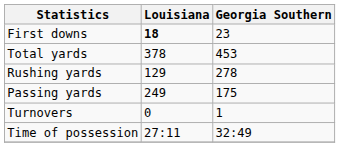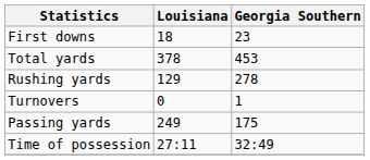 <table class="wikitable">
 <tr>
 <th>Statistics</th>
 <th>Louisiana</th>
 <th>Georgia Southern</th>
 </tr>
 <tr>
 <td>First downs</td>
-<td><strong>18</strong></td>
+<td>18</td>
 <td>23</td>
 </tr>
 <tr>
 <td>Total yards</td>
 <td>378</td>
 <td>453</td>
 </tr>
 <tr>
 <td>Rushing yards</td>
 <td>129</td>
 <td>278</td>
 </tr>
 <tr>
+<td>Turnovers</td>
+<td>0</td>
+<td>1</td>
+</tr>
+<tr>
 <td>Passing yards</td>
 <td>249</td>
 <td>175</td>
-</tr>
-<tr>
-<td>Turnovers</td>
-<td>0</td>
-<td>1</td>
 </tr>
 <tr>
 <td>Time of possession</td>
 <td>27:11</td>
 <td>32:49</td>
 </tr>
 <tr>
 </tr>
 </table>
